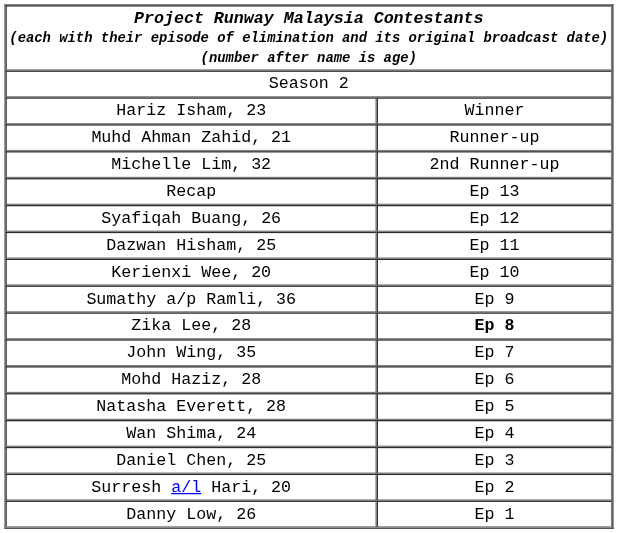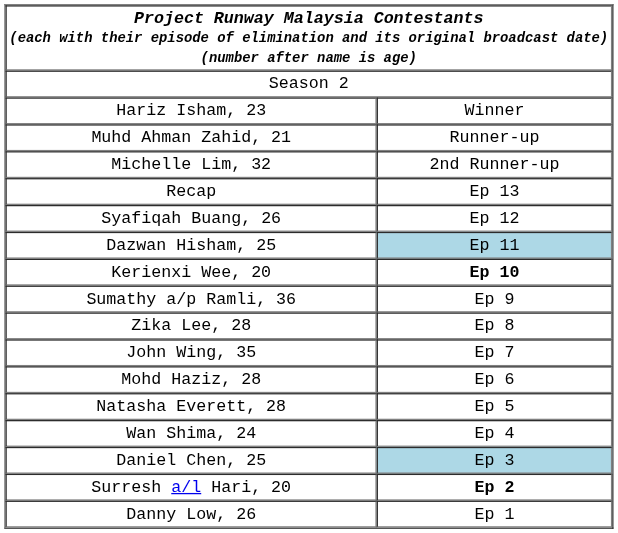 <table border="1" cellspacing="0" cellpadding="2" align="centre" style="margin-left:15px; text-align:center;">
 <tr>
 <td align="center" colspan="2"><strong><em>Project Runway Malaysia<em> Contestants<strong><br><small></em>(each with their episode of elimination and its original broadcast date)<br>(number after name is age)<em></small></td>
 </tr>
 <tr>
 <td colspan=2 align=center></strong>Season 2<strong></td>
 </tr>
 <tr>
 <td>Hariz Isham, 23</td>
 <td></strong>Winner<strong></td>
 </tr>
 <tr>
 <td>Muhd Ahman Zahid, 21</td>
 <td>Runner-up</td>
 </tr>
 <tr>
 <td>Michelle Lim, 32</td>
 <td>2nd Runner-up</td>
 </tr>
 <tr>
 <td></strong>Recap<strong></td>
 <td>Ep 13</td>
 </tr>
 <tr>
 <td>Syafiqah Buang, 26</td>
 <td>Ep 12</td>
 </tr>
 <tr>
 <td>Dazwan Hisham, 25</td>
-<td>Ep 11</td>
+<td style="background: lightblue;">Ep 11</td>
 </tr>
 <tr>
 <td>Kerienxi Wee, 20</td>
-<td>Ep 10</td>
+<td><strong>Ep 10</strong></td>
 </tr>
 <tr>
 <td>Sumathy a/p Ramli, 36</td>
 <td>Ep 9</td>
 </tr>
 <tr>
 <td>Zika Lee, 28</td>
-<td><strong>Ep 8</strong></td>
+<td>Ep 8</td>
 </tr>
 <tr>
 <td>John Wing, 35</td>
 <td>Ep 7</td>
 </tr>
 <tr>
 <td>Mohd Haziz, 28</td>
 <td>Ep 6</td>
 </tr>
 <tr>
 <td>Natasha Everett, 28</td>
 <td>Ep 5</td>
 </tr>
 <tr>
 <td>Wan Shima, 24</td>
 <td>Ep 4</td>
 </tr>
 <tr>
 <td>Daniel Chen, 25</td>
-<td>Ep 3</td>
+<td style="background: lightblue;">Ep 3</td>
 </tr>
 <tr>
 <td>Surresh <a href='#'>a/l</a> Hari, 20</td>
-<td>Ep 2</td>
+<td><strong>Ep 2</strong></td>
 </tr>
 <tr>
 <td>Danny Low, 26</td>
 <td>Ep 1</td>
 </tr>
 </table>
